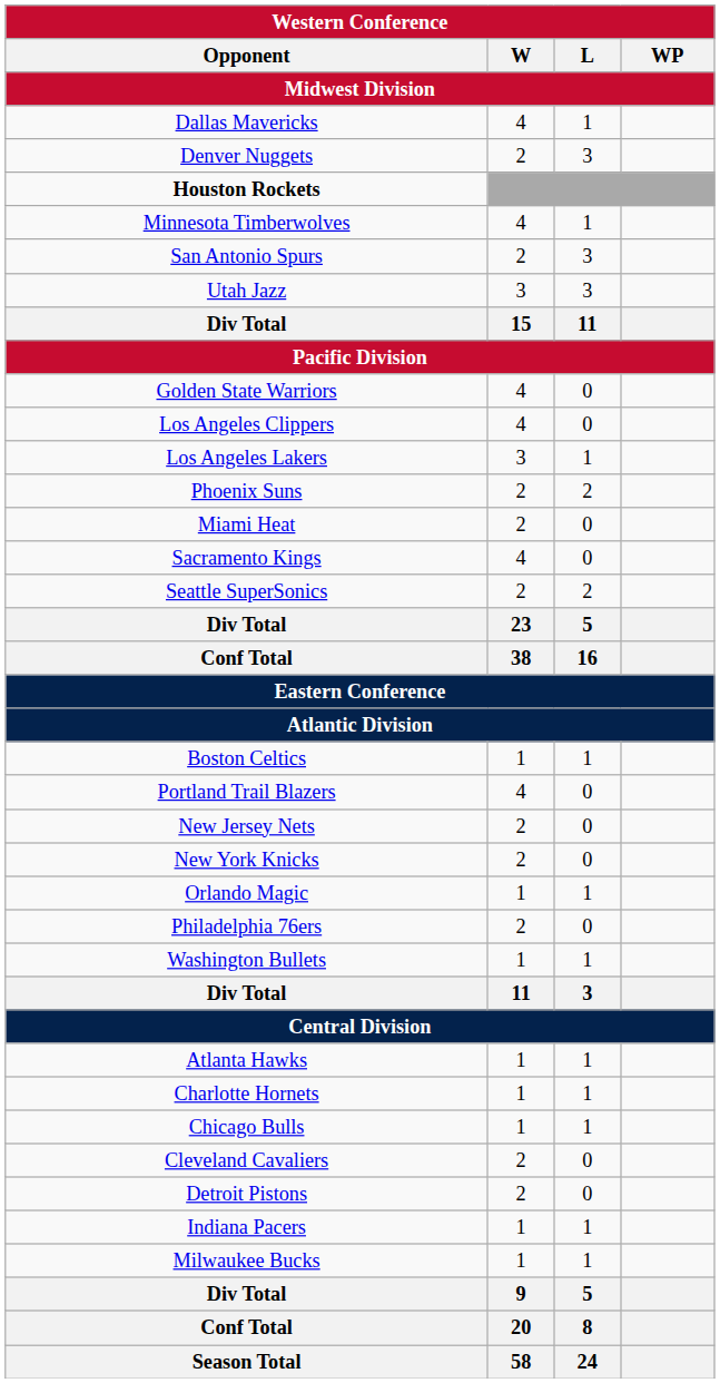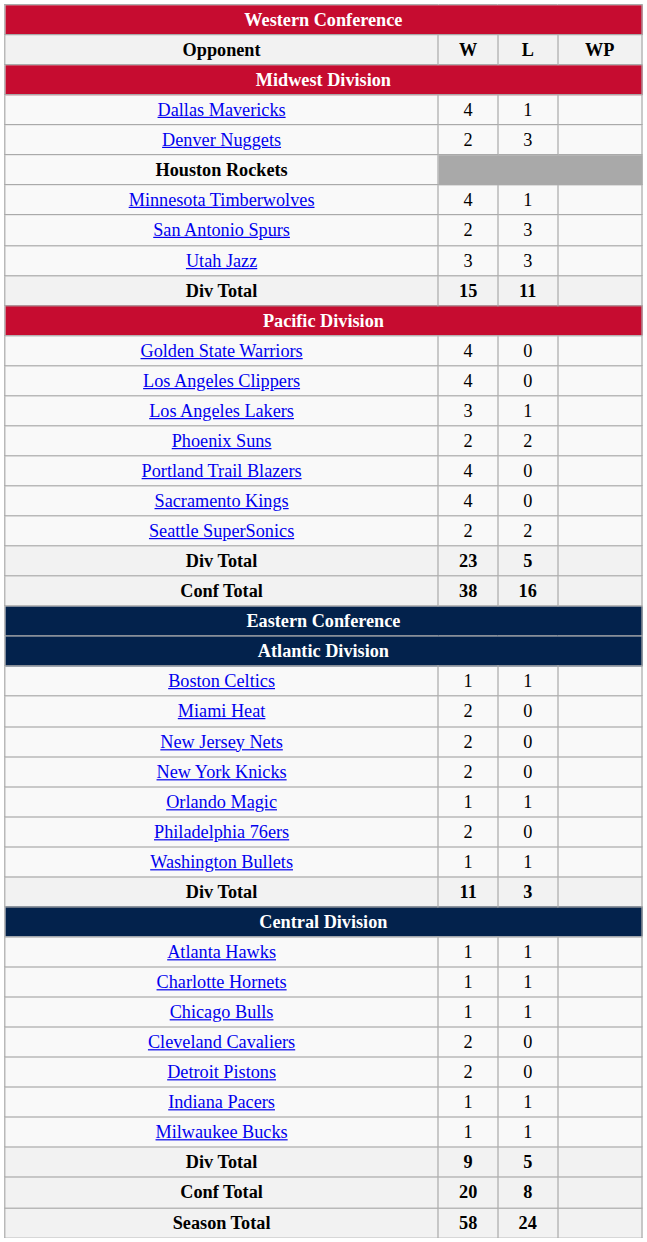 <table class="wikitable" style="margin:1em auto; font-size:95%; text-align:center; width:35em;">
 <tr>
 <th colspan="4" style="background:#c60c30; color:#ffffff;">Western Conference</th>
 </tr>
 <tr>
 <th>Opponent</th>
 <th>W</th>
 <th>L</th>
 <th>WP</th>
 </tr>
 <tr>
 <th colspan="4" style="background:#c60c30; color:#ffffff;">Midwest Division</th>
 </tr>
 <tr>
 <td><a href='#'><span>Dallas Mavericks</span></a></td>
 <td>4</td>
 <td>1</td>
 <td></td>
 </tr>
 <tr>
 <td><a href='#'><span>Denver Nuggets</span></a></td>
 <td>2</td>
 <td>3</td>
 <td></td>
 </tr>
 <tr>
 <td><span><strong>Houston Rockets</strong></span></td>
 <td colspan=3 style="background:darkgray;"></td>
 </tr>
 <tr>
 <td><a href='#'><span>Minnesota Timberwolves</span></a></td>
 <td>4</td>
 <td>1</td>
 <td></td>
 </tr>
 <tr>
 <td><a href='#'><span>San Antonio Spurs</span></a></td>
 <td>2</td>
 <td>3</td>
 <td></td>
 </tr>
 <tr>
 <td><a href='#'><span>Utah Jazz</span></a></td>
 <td>3</td>
 <td>3</td>
 <td></td>
 </tr>
 <tr>
 <th>Div Total</th>
 <th>15</th>
 <th>11</th>
 <th></th>
 </tr>
 <tr>
 <th colspan="4" style="background:#c60c30; color:#ffffff;">Pacific Division</th>
 </tr>
 <tr>
 <td><a href='#'><span>Golden State Warriors</span></a></td>
 <td>4</td>
 <td>0</td>
 <td></td>
 </tr>
 <tr>
 <td><a href='#'><span>Los Angeles Clippers</span></a></td>
 <td>4</td>
 <td>0</td>
 <td></td>
 </tr>
 <tr>
 <td><a href='#'><span>Los Angeles Lakers</span></a></td>
 <td>3</td>
 <td>1</td>
 <td></td>
 </tr>
 <tr>
 <td><a href='#'><span>Phoenix Suns</span></a></td>
 <td>2</td>
 <td>2</td>
 <td></td>
 </tr>
 <tr>
-<td><a href='#'><span>Miami Heat</span></a></td>
-<td>2</td>
+<td><a href='#'><span>Portland Trail Blazers</span></a></td>
+<td>4</td>
 <td>0</td>
 <td></td>
 </tr>
 <tr>
 <td><a href='#'><span>Sacramento Kings</span></a></td>
 <td>4</td>
 <td>0</td>
 <td></td>
 </tr>
 <tr>
 <td><a href='#'><span>Seattle SuperSonics</span></a></td>
 <td>2</td>
 <td>2</td>
 <td></td>
 </tr>
 <tr>
 <th>Div Total</th>
 <th>23</th>
 <th>5</th>
 <th></th>
 </tr>
 <tr>
 <th>Conf Total</th>
 <th>38</th>
 <th>16</th>
 <th></th>
 </tr>
 <tr>
 <th colspan="4" style="background:#03224c; color:#ffffff;">Eastern Conference</th>
 </tr>
 <tr>
 <th colspan="4" style="background:#03224c; color:#ffffff;">Atlantic Division</th>
 </tr>
 <tr>
 <td><a href='#'><span>Boston Celtics</span></a></td>
 <td>1</td>
 <td>1</td>
 <td></td>
 </tr>
 <tr>
-<td><a href='#'><span>Portland Trail Blazers</span></a></td>
-<td>4</td>
+<td><a href='#'><span>Miami Heat</span></a></td>
+<td>2</td>
 <td>0</td>
 <td></td>
 </tr>
 <tr>
 <td><a href='#'><span>New Jersey Nets</span></a></td>
 <td>2</td>
 <td>0</td>
 <td></td>
 </tr>
 <tr>
 <td><a href='#'><span>New York Knicks</span></a></td>
 <td>2</td>
 <td>0</td>
 <td></td>
 </tr>
 <tr>
 <td><a href='#'><span>Orlando Magic</span></a></td>
 <td>1</td>
 <td>1</td>
 <td></td>
 </tr>
 <tr>
 <td><a href='#'><span>Philadelphia 76ers</span></a></td>
 <td>2</td>
 <td>0</td>
 <td></td>
 </tr>
 <tr>
 <td><a href='#'><span>Washington Bullets</span></a></td>
 <td>1</td>
 <td>1</td>
 <td></td>
 </tr>
 <tr>
 <th>Div Total</th>
 <th>11</th>
 <th>3</th>
 <th></th>
 </tr>
 <tr>
 <th colspan="4" style="background:#03224c; color:#ffffff;">Central Division</th>
 </tr>
 <tr>
 <td><a href='#'><span>Atlanta Hawks</span></a></td>
 <td>1</td>
 <td>1</td>
 <td></td>
 </tr>
 <tr>
 <td><a href='#'><span>Charlotte Hornets</span></a></td>
 <td>1</td>
 <td>1</td>
 <td></td>
 </tr>
 <tr>
 <td><a href='#'><span>Chicago Bulls</span></a></td>
 <td>1</td>
 <td>1</td>
 <td></td>
 </tr>
 <tr>
 <td><a href='#'><span>Cleveland Cavaliers</span></a></td>
 <td>2</td>
 <td>0</td>
 <td></td>
 </tr>
 <tr>
 <td><a href='#'><span>Detroit Pistons</span></a></td>
 <td>2</td>
 <td>0</td>
 <td></td>
 </tr>
 <tr>
 <td><a href='#'><span>Indiana Pacers</span></a></td>
 <td>1</td>
 <td>1</td>
 <td></td>
 </tr>
 <tr>
 <td><a href='#'><span>Milwaukee Bucks</span></a></td>
 <td>1</td>
 <td>1</td>
 <td></td>
 </tr>
 <tr>
 <th>Div Total</th>
 <th>9</th>
 <th>5</th>
 <th></th>
 </tr>
 <tr>
 <th>Conf Total</th>
 <th>20</th>
 <th>8</th>
 <th></th>
 </tr>
 <tr>
 <th>Season Total</th>
 <th>58</th>
 <th>24</th>
 <th></th>
 </tr>
 </table>
